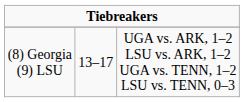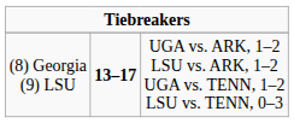 <table class="wikitable" style="display: inline-table;">
 <tr>
 <td align="center" Colspan="3"><strong>Tiebreakers</strong></td>
 </tr>
 <tr align="center">
 </tr>
 <tr align="center">
 <td>(8) Georgia<br>(9) LSU</td>
-<td>13–17</td>
+<td><strong>13–17</strong></td>
 <td>UGA vs. ARK, 1–2<br>LSU vs. ARK, 1–2<br>UGA vs. TENN, 1–2<br>LSU vs. TENN, 0–3</td>
 </tr>
 </table>
